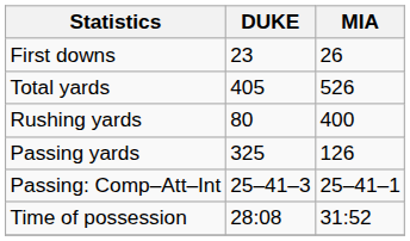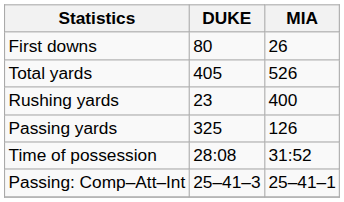 <table class="wikitable" style="float: left;">
 <tr>
 <th>Statistics</th>
 <th>DUKE</th>
 <th>MIA</th>
 </tr>
 <tr>
 <td>First downs</td>
-<td>23</td>
+<td>80</td>
 <td>26</td>
 </tr>
 <tr>
 <td>Total yards</td>
 <td>405</td>
 <td>526</td>
 </tr>
 <tr>
 <td>Rushing yards</td>
-<td>80</td>
+<td>23</td>
 <td>400</td>
 </tr>
 <tr>
 <td>Passing yards</td>
 <td>325</td>
 <td>126</td>
 </tr>
 <tr>
+<td>Time of possession</td>
+<td>28:08</td>
+<td>31:52</td>
+</tr>
+<tr>
 <td>Passing: Comp–Att–Int</td>
 <td>25–41–3</td>
 <td>25–41–1</td>
 </tr>
 <tr>
-<td>Time of possession</td>
-<td>28:08</td>
-<td>31:52</td>
-</tr>
-<tr>
 </tr>
 </table>
